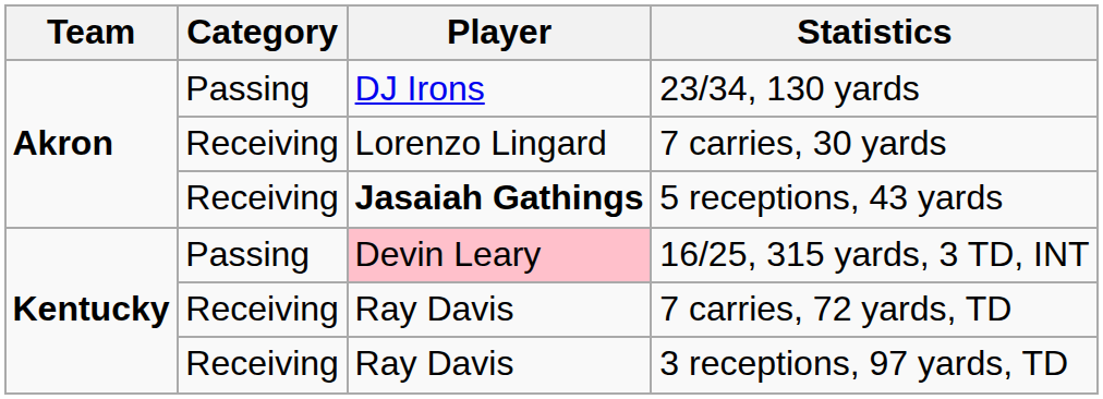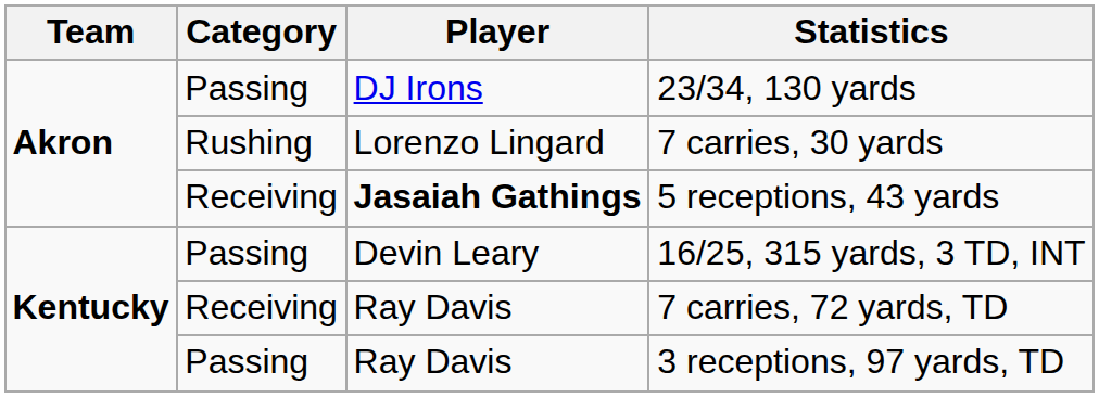 <table class="wikitable" style="float: right;">
 <tr>
 <th>Team</th>
 <th>Category</th>
 <th>Player</th>
 <th>Statistics</th>
 </tr>
 <tr>
 <td rowspan=3><strong>Akron</strong></td>
 <td>Passing</td>
 <td><a href='#'>DJ Irons</a></td>
 <td>23/34, 130 yards</td>
 </tr>
 <tr>
-<td>Receiving</td>
+<td>Rushing</td>
 <td>Lorenzo Lingard</td>
 <td>7 carries, 30 yards</td>
 </tr>
 <tr>
 <td>Receiving</td>
 <td><strong>Jasaiah Gathings</strong></td>
 <td>5 receptions, 43 yards</td>
 </tr>
 <tr>
 <td rowspan=3><strong>Kentucky</strong></td>
 <td>Passing</td>
-<td style="background: pink;">Devin Leary</td>
+<td>Devin Leary</td>
 <td>16/25, 315 yards, 3 TD, INT</td>
 </tr>
 <tr>
 <td>Receiving</td>
 <td>Ray Davis</td>
 <td>7 carries, 72 yards, TD</td>
 </tr>
 <tr>
-<td>Receiving</td>
+<td>Passing</td>
 <td>Ray Davis</td>
 <td>3 receptions, 97 yards, TD</td>
 </tr>
 </table>
